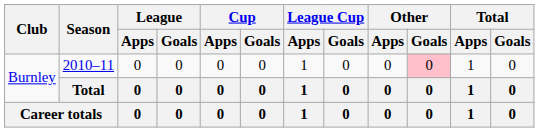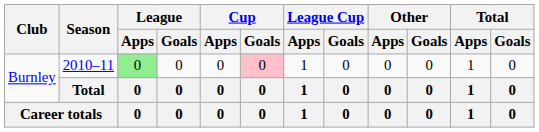 <table class="wikitable" style="font-size:90%; text-align:center;">
 <tr>
 <th rowspan="2">Club</th>
 <th rowspan="2">Season</th>
 <th colspan="2">League</th>
 <th colspan="2"><a href='#'>Cup</a></th>
 <th colspan="2"><a href='#'>League Cup</a></th>
 <th colspan="2">Other</th>
 <th colspan="2">Total</th>
 </tr>
 <tr>
 <th>Apps</th>
 <th>Goals</th>
 <th>Apps</th>
 <th>Goals</th>
 <th>Apps</th>
 <th>Goals</th>
 <th>Apps</th>
 <th>Goals</th>
 <th>Apps</th>
 <th>Goals</th>
 </tr>
 <tr>
 <td rowspan="2"><a href='#'>Burnley</a></td>
 <td><a href='#'>2010–11</a></td>
+<td style="background: lightgreen;">0</td>
+<td>0</td>
+<td>0</td>
+<td style="background: pink;">0</td>
+<td>1</td>
 <td>0</td>
 <td>0</td>
 <td>0</td>
-<td>0</td>
-<td>1</td>
-<td>0</td>
-<td>0</td>
-<td style="background: pink;">0</td>
 <td>1</td>
 <td>0</td>
 </tr>
 <tr>
 <th>Total</th>
 <th>0</th>
 <th>0</th>
 <th>0</th>
 <th>0</th>
 <th>1</th>
 <th>0</th>
 <th>0</th>
 <th>0</th>
 <th>1</th>
 <th>0</th>
 </tr>
 <tr>
 <th colspan="2">Career totals</th>
 <th>0</th>
 <th>0</th>
 <th>0</th>
 <th>0</th>
 <th>1</th>
 <th>0</th>
 <th>0</th>
 <th>0</th>
 <th>1</th>
 <th>0</th>
 </tr>
 </table>
